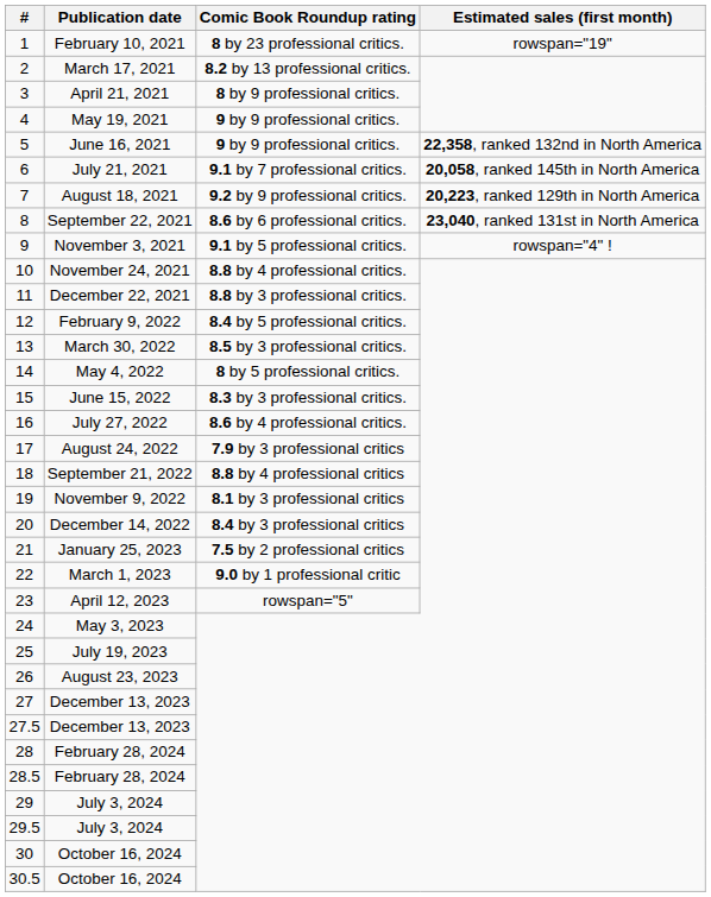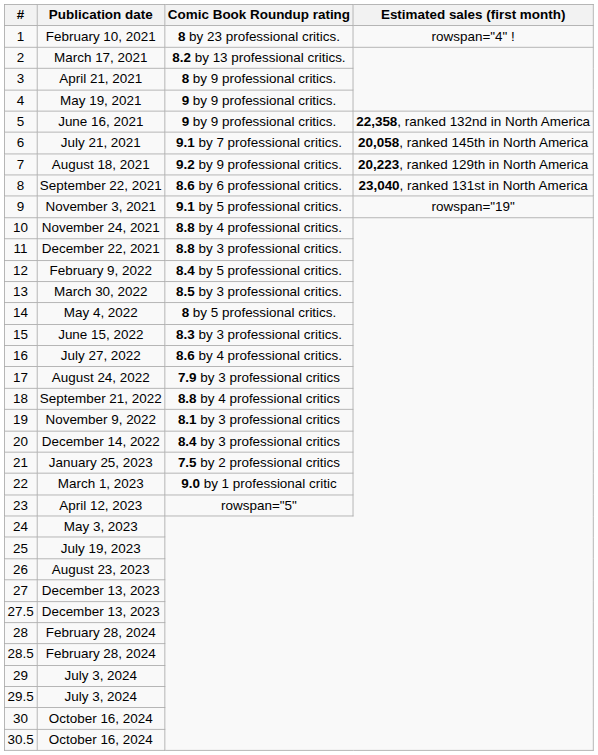 <table class="wikitable mw-collapsible mw-collapsed" style="text-align:center;">
 <tr>
 <th>#</th>
 <th>Publication date</th>
 <th>Comic Book Roundup rating</th>
 <th><strong>Estimated sales (first month)</strong></th>
 </tr>
 <tr>
 <td>1</td>
 <td>February 10, 2021</td>
 <td><strong>8</strong> by 23 professional critics.</td>
-<td>rowspan="19" </td>
+<td>rowspan="4" !</td>
 </tr>
 <tr>
 <td>2</td>
 <td>March 17, 2021</td>
 <td><strong>8.2</strong> by 13 professional critics.</td>
 </tr>
 <tr>
 <td>3</td>
 <td>April 21, 2021</td>
 <td><strong>8</strong> by 9 professional critics.</td>
 </tr>
 <tr>
 <td>4</td>
 <td>May 19, 2021</td>
 <td><strong>9</strong> by 9 professional critics.</td>
 </tr>
 <tr>
 <td>5</td>
 <td>June 16, 2021</td>
 <td><strong>9</strong> by 9 professional critics.</td>
 <td><strong>22,358</strong>, ranked 132nd in North America</td>
 </tr>
 <tr>
 <td>6</td>
 <td>July 21, 2021</td>
 <td><strong>9.1</strong> by 7 professional critics.</td>
 <td><strong>20,058</strong>, ranked 145th in North America</td>
 </tr>
 <tr>
 <td>7</td>
 <td>August 18, 2021</td>
 <td><strong>9.2</strong> by 9 professional critics.</td>
 <td><strong>20,223</strong>, ranked 129th in North America</td>
 </tr>
 <tr>
 <td>8</td>
 <td>September 22, 2021</td>
 <td><strong>8.6</strong> by 6 professional critics.</td>
 <td><strong>23,040</strong>, ranked 131st in North America</td>
 </tr>
 <tr>
 <td>9</td>
 <td>November 3, 2021</td>
 <td><strong>9.1</strong> by 5 professional critics.</td>
-<td>rowspan="4" !</td>
+<td>rowspan="19" </td>
 </tr>
 <tr>
 <td>10</td>
 <td>November 24, 2021</td>
 <td><strong>8.8</strong> by 4 professional critics.</td>
 </tr>
 <tr>
 <td>11</td>
 <td>December 22, 2021</td>
 <td><strong>8.8</strong> by 3 professional critics.</td>
 </tr>
 <tr>
 <td>12</td>
 <td>February 9, 2022</td>
 <td><strong>8.4</strong> by 5 professional critics.</td>
 </tr>
 <tr>
 <td>13</td>
 <td>March 30, 2022</td>
 <td><strong>8.5</strong> by 3 professional critics.</td>
 </tr>
 <tr>
 <td>14</td>
 <td>May 4, 2022</td>
 <td><strong>8</strong> by 5 professional critics.</td>
 </tr>
 <tr>
 <td>15</td>
 <td>June 15, 2022</td>
 <td><strong>8.3</strong> by 3 professional critics.</td>
 </tr>
 <tr>
 <td>16</td>
 <td>July 27, 2022</td>
 <td><strong>8.6</strong> by 4 professional critics.</td>
 </tr>
 <tr>
 <td>17</td>
 <td>August 24, 2022</td>
 <td><strong>7.9</strong> by 3 professional critics</td>
 </tr>
 <tr>
 <td>18</td>
 <td>September 21, 2022</td>
 <td><strong>8.8</strong> by 4 professional critics</td>
 </tr>
 <tr>
 <td>19</td>
 <td>November 9, 2022</td>
 <td><strong>8.1</strong> by 3 professional critics</td>
 </tr>
 <tr>
 <td>20</td>
 <td>December 14, 2022</td>
 <td><strong>8.4</strong> by 3 professional critics</td>
 </tr>
 <tr>
 <td>21</td>
 <td>January 25, 2023</td>
 <td><strong>7.5</strong> by 2 professional critics</td>
 </tr>
 <tr>
 <td>22</td>
 <td>March 1, 2023</td>
 <td><strong>9.0</strong> by 1 professional critic</td>
 </tr>
 <tr>
 <td>23</td>
 <td>April 12, 2023</td>
 <td>rowspan="5" </td>
 </tr>
 <tr>
 <td>24</td>
 <td>May 3, 2023</td>
 </tr>
 <tr>
 <td>25</td>
 <td>July 19, 2023</td>
 </tr>
 <tr>
 <td>26</td>
 <td>August 23, 2023</td>
 </tr>
 <tr>
 <td>27</td>
 <td>December 13, 2023</td>
 </tr>
 <tr>
 <td>27.5</td>
 <td>December 13, 2023</td>
 </tr>
 <tr>
 <td>28</td>
 <td>February 28, 2024</td>
 </tr>
 <tr>
 <td>28.5</td>
 <td>February 28, 2024</td>
 </tr>
 <tr>
 <td>29</td>
 <td>July 3, 2024</td>
 </tr>
 <tr>
 <td>29.5</td>
 <td>July 3, 2024</td>
 </tr>
 <tr>
 <td>30</td>
 <td>October 16, 2024</td>
 </tr>
 <tr>
 <td>30.5</td>
 <td>October 16, 2024 </td>
 </tr>
 </table>
